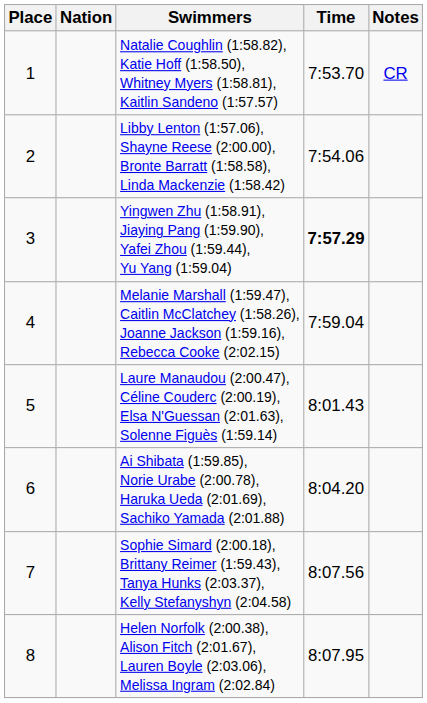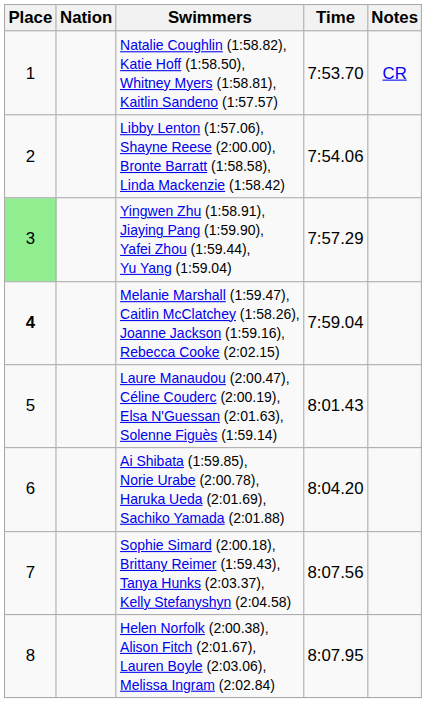 <table class="wikitable sortable" style="text-align:center">
 <tr>
 <th>Place</th>
 <th>Nation</th>
 <th>Swimmers</th>
 <th>Time</th>
 <th>Notes</th>
 </tr>
 <tr>
 <td>1</td>
 <td align=left></td>
 <td align=left><small> <a href='#'>Natalie Coughlin</a> (1:58.82),<br> <a href='#'>Katie Hoff</a> (1:58.50),<br> <a href='#'>Whitney Myers</a> (1:58.81),<br> <a href='#'>Kaitlin Sandeno</a> (1:57.57) </small></td>
 <td>7:53.70</td>
 <td><a href='#'>CR</a></td>
 </tr>
 <tr>
 <td>2</td>
 <td align=left></td>
 <td align=left><small> <a href='#'>Libby Lenton</a> (1:57.06),<br> <a href='#'>Shayne Reese</a> (2:00.00),<br> <a href='#'>Bronte Barratt</a> (1:58.58),<br> <a href='#'>Linda Mackenzie</a> (1:58.42) </small></td>
 <td>7:54.06</td>
 <td></td>
 </tr>
 <tr>
-<td>3</td>
+<td style="background: lightgreen;">3</td>
 <td align=left></td>
 <td align=left><small> <a href='#'>Yingwen Zhu</a> (1:58.91),<br> <a href='#'>Jiaying Pang</a> (1:59.90),<br> <a href='#'>Yafei Zhou</a> (1:59.44),<br> <a href='#'>Yu Yang</a> (1:59.04) </small></td>
-<td><strong>7:57.29</strong></td>
+<td>7:57.29</td>
 <td></td>
 </tr>
 <tr>
-<td>4</td>
+<td><strong>4</strong></td>
 <td align=left></td>
 <td align=left><small> <a href='#'>Melanie Marshall</a> (1:59.47),<br> <a href='#'>Caitlin McClatchey</a> (1:58.26),<br> <a href='#'>Joanne Jackson</a> (1:59.16),<br> <a href='#'>Rebecca Cooke</a> (2:02.15) </small></td>
 <td>7:59.04</td>
 <td></td>
 </tr>
 <tr>
 <td>5</td>
 <td align=left></td>
 <td align=left><small> <a href='#'>Laure Manaudou</a> (2:00.47),<br> <a href='#'>Céline Couderc</a> (2:00.19),<br> <a href='#'>Elsa N'Guessan</a> (2:01.63),<br> <a href='#'>Solenne Figuès</a> (1:59.14) </small></td>
 <td>8:01.43</td>
 <td></td>
 </tr>
 <tr>
 <td>6</td>
 <td align=left></td>
 <td align=left><small> <a href='#'>Ai Shibata</a> (1:59.85),<br> <a href='#'>Norie Urabe</a> (2:00.78),<br> <a href='#'>Haruka Ueda</a> (2:01.69),<br> <a href='#'>Sachiko Yamada</a> (2:01.88) </small></td>
 <td>8:04.20</td>
 <td></td>
 </tr>
 <tr>
 <td>7</td>
 <td align=left></td>
 <td align=left><small> <a href='#'>Sophie Simard</a> (2:00.18),<br> <a href='#'>Brittany Reimer</a> (1:59.43),<br> <a href='#'>Tanya Hunks</a> (2:03.37),<br> <a href='#'>Kelly Stefanyshyn</a> (2:04.58) </small></td>
 <td>8:07.56</td>
 <td></td>
 </tr>
 <tr>
 <td>8</td>
 <td align=left></td>
 <td align=left><small> <a href='#'>Helen Norfolk</a> (2:00.38),<br> <a href='#'>Alison Fitch</a> (2:01.67),<br> <a href='#'>Lauren Boyle</a> (2:03.06),<br> <a href='#'>Melissa Ingram</a> (2:02.84) </small></td>
 <td>8:07.95</td>
 <td></td>
 </tr>
 <tr>
 </tr>
 </table>
